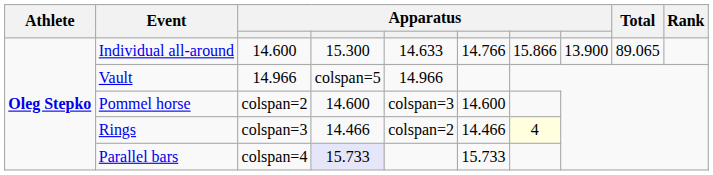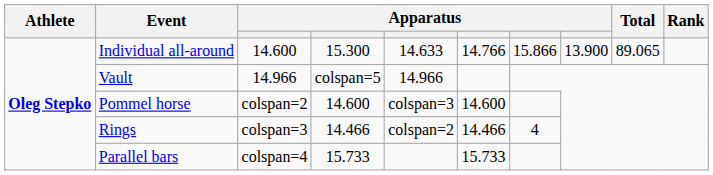 <table class="wikitable" style="font-size:90%">
 <tr>
 <th rowspan=2>Athlete</th>
 <th rowspan=2>Event</th>
 <th colspan =6>Apparatus</th>
 <th rowspan=2>Total</th>
 <th rowspan=2>Rank</th>
 </tr>
 <tr style="font-size:95%">
 <th></th>
 <th></th>
 <th></th>
 <th></th>
 <th></th>
 <th></th>
 </tr>
 <tr align=center>
 <td align=left rowspan=5><strong><a href='#'>Oleg Stepko</a></strong></td>
 <td align=left><a href='#'>Individual all-around</a></td>
 <td>14.600</td>
 <td>15.300</td>
 <td>14.633</td>
 <td>14.766</td>
 <td>15.866</td>
 <td>13.900</td>
 <td>89.065</td>
 <td></td>
 </tr>
 <tr align=center>
 <td align=left><a href='#'>Vault</a></td>
 <td>14.966</td>
 <td>colspan=5 </td>
 <td>14.966</td>
 <td></td>
 </tr>
 <tr align=center>
 <td align=left><a href='#'>Pommel horse</a></td>
 <td>colspan=2 </td>
 <td>14.600</td>
 <td>colspan=3 </td>
 <td>14.600</td>
 <td></td>
 </tr>
 <tr align=center>
 <td align=left><a href='#'>Rings</a></td>
 <td>colspan=3 </td>
 <td>14.466</td>
 <td>colspan=2 </td>
 <td>14.466</td>
-<td style="background: lightyellow;">4</td>
+<td>4</td>
 </tr>
 <tr align=center>
 <td align=left><a href='#'>Parallel bars</a></td>
 <td>colspan=4 </td>
-<td style="background: lavender;">15.733</td>
+<td>15.733</td>
 <td></td>
 <td>15.733</td>
 <td></td>
 </tr>
 </table>
